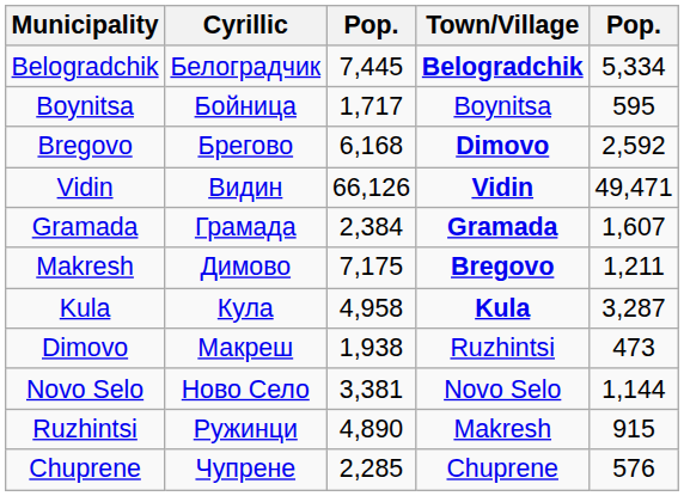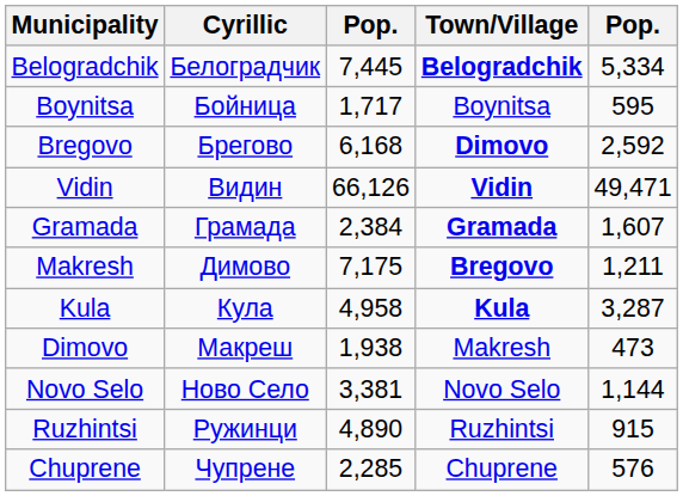 <table class="wikitable sortable">
 <tr>
 <th>Municipality</th>
 <th>Cyrillic</th>
 <th>Pop.</th>
 <th>Town/Village</th>
 <th>Pop.</th>
 </tr>
 <tr>
 <td align="center"><a href='#'>Belogradchik</a></td>
 <td align="center"><a href='#'>Белоградчик</a></td>
 <td align="center">7,445</td>
 <td align="center"><strong><a href='#'>Belogradchik</a></strong></td>
 <td align="center">5,334</td>
 </tr>
 <tr>
 <td align="center"><a href='#'>Boynitsa</a></td>
 <td align="center"><a href='#'>Бойница</a></td>
 <td align="center">1,717</td>
 <td align="center"><a href='#'>Boynitsa</a></td>
 <td align="center">595</td>
 </tr>
 <tr>
 <td align="center"><a href='#'>Bregovo</a></td>
 <td align="center"><a href='#'>Брегово</a></td>
 <td align="center">6,168</td>
 <td align="center"><strong><a href='#'>Dimovo</a></strong></td>
 <td align="center">2,592</td>
 </tr>
 <tr>
 <td align="center"><a href='#'>Vidin</a></td>
 <td align="center"><a href='#'>Видин</a></td>
 <td align="center">66,126</td>
 <td align="center"><strong><a href='#'>Vidin</a></strong></td>
 <td align="center">49,471</td>
 </tr>
 <tr>
 <td align="center"><a href='#'>Gramada</a></td>
 <td align="center"><a href='#'>Грамада</a></td>
 <td align="center">2,384</td>
 <td align="center"><strong><a href='#'>Gramada</a></strong></td>
 <td align="center">1,607</td>
 </tr>
 <tr>
 <td align="center"><a href='#'>Makresh</a></td>
 <td align="center"><a href='#'>Димово</a></td>
 <td align="center">7,175</td>
 <td align="center"><strong><a href='#'>Bregovo</a></strong></td>
 <td align="center">1,211</td>
 </tr>
 <tr>
 <td align="center"><a href='#'>Kula</a></td>
 <td align="center"><a href='#'>Кула</a></td>
 <td align="center">4,958</td>
 <td align="center"><strong><a href='#'>Kula</a></strong></td>
 <td align="center">3,287</td>
 </tr>
 <tr>
 <td align="center"><a href='#'>Dimovo</a></td>
 <td align="center"><a href='#'>Макреш</a></td>
 <td align="center">1,938</td>
-<td align="center"><a href='#'>Ruzhintsi</a></td>
+<td align="center"><a href='#'>Makresh</a></td>
 <td align="center">473</td>
 </tr>
 <tr>
 <td align="center"><a href='#'>Novo Selo</a></td>
 <td align="center"><a href='#'>Ново Село</a></td>
 <td align="center">3,381</td>
 <td align="center"><a href='#'>Novo Selo</a></td>
 <td align="center">1,144</td>
 </tr>
 <tr>
 <td align="center"><a href='#'>Ruzhintsi</a></td>
 <td align="center"><a href='#'>Ружинци</a></td>
 <td align="center">4,890</td>
-<td align="center"><a href='#'>Makresh</a></td>
+<td align="center"><a href='#'>Ruzhintsi</a></td>
 <td align="center">915</td>
 </tr>
 <tr>
 <td align="center"><a href='#'>Chuprene</a></td>
 <td align="center"><a href='#'>Чупрене</a></td>
 <td align="center">2,285</td>
 <td align="center"><a href='#'>Chuprene</a></td>
 <td align="center">576</td>
 </tr>
 </table>
